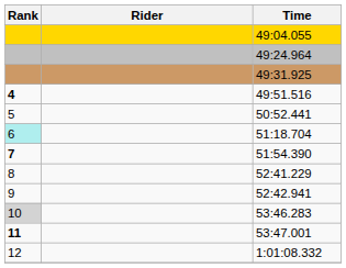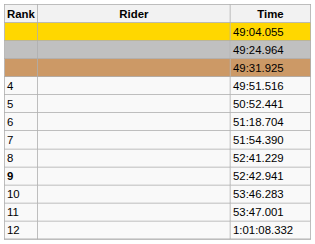 <table class="wikitable" style="font-size:95%" style="width:35em;" style="text-align:center">
 <tr>
 <th>Rank</th>
 <th width=250>Rider</th>
 <th width=100>Time</th>
 </tr>
 <tr bgcolor=gold>
 <td></td>
 <td align=left></td>
 <td>49:04.055</td>
 </tr>
 <tr bgcolor=silver>
 <td></td>
 <td align=left></td>
 <td>49:24.964</td>
 </tr>
 <tr bgcolor=cc9966>
 <td></td>
 <td align=left></td>
 <td>49:31.925</td>
 </tr>
 <tr>
-<td><strong>4</strong></td>
+<td>4</td>
 <td align=left></td>
 <td>49:51.516</td>
 </tr>
 <tr>
 <td>5</td>
 <td align=left></td>
 <td>50:52.441</td>
 </tr>
 <tr>
-<td style="background: paleturquoise;">6</td>
+<td>6</td>
 <td align=left></td>
 <td>51:18.704</td>
 </tr>
 <tr>
-<td><strong>7</strong></td>
+<td>7</td>
 <td align=left></td>
 <td>51:54.390</td>
 </tr>
 <tr>
 <td>8</td>
 <td align=left></td>
 <td>52:41.229</td>
 </tr>
 <tr>
-<td>9</td>
+<td><strong>9</strong></td>
 <td align=left></td>
 <td>52:42.941</td>
 </tr>
 <tr>
-<td style="background: lightgrey;">10</td>
+<td>10</td>
 <td align=left></td>
 <td>53:46.283</td>
 </tr>
 <tr>
-<td><strong>11</strong></td>
+<td>11</td>
 <td align=left></td>
 <td>53:47.001</td>
 </tr>
 <tr>
 <td>12</td>
 <td align=left></td>
 <td>1:01:08.332</td>
 </tr>
 <tr>
 </tr>
 </table>
